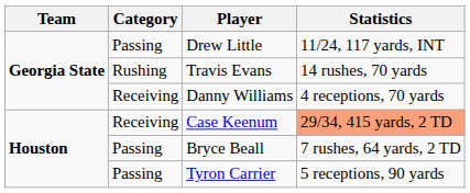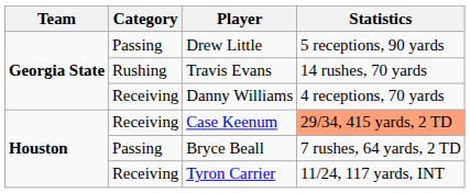 <table class="wikitable" style="float: left;">
 <tr>
 <th>Team</th>
 <th>Category</th>
 <th>Player</th>
 <th>Statistics</th>
 </tr>
 <tr>
 <td rowspan=3><strong>Georgia State</strong></td>
 <td>Passing</td>
 <td>Drew Little</td>
-<td>11/24, 117 yards, INT</td>
+<td>5 receptions, 90 yards</td>
 </tr>
 <tr>
 <td>Rushing</td>
 <td>Travis Evans</td>
 <td>14 rushes, 70 yards</td>
 </tr>
 <tr>
 <td>Receiving</td>
 <td>Danny Williams</td>
 <td>4 receptions, 70 yards</td>
 </tr>
 <tr>
 <td rowspan=3><strong>Houston</strong></td>
 <td>Receiving</td>
 <td><a href='#'>Case Keenum</a></td>
 <td style="background: lightsalmon;">29/34, 415 yards, 2 TD</td>
 </tr>
 <tr>
 <td>Passing</td>
 <td>Bryce Beall</td>
 <td>7 rushes, 64 yards, 2 TD</td>
 </tr>
 <tr>
-<td>Passing</td>
+<td>Receiving</td>
 <td><a href='#'>Tyron Carrier</a></td>
-<td>5 receptions, 90 yards</td>
+<td>11/24, 117 yards, INT</td>
 </tr>
 </table>
